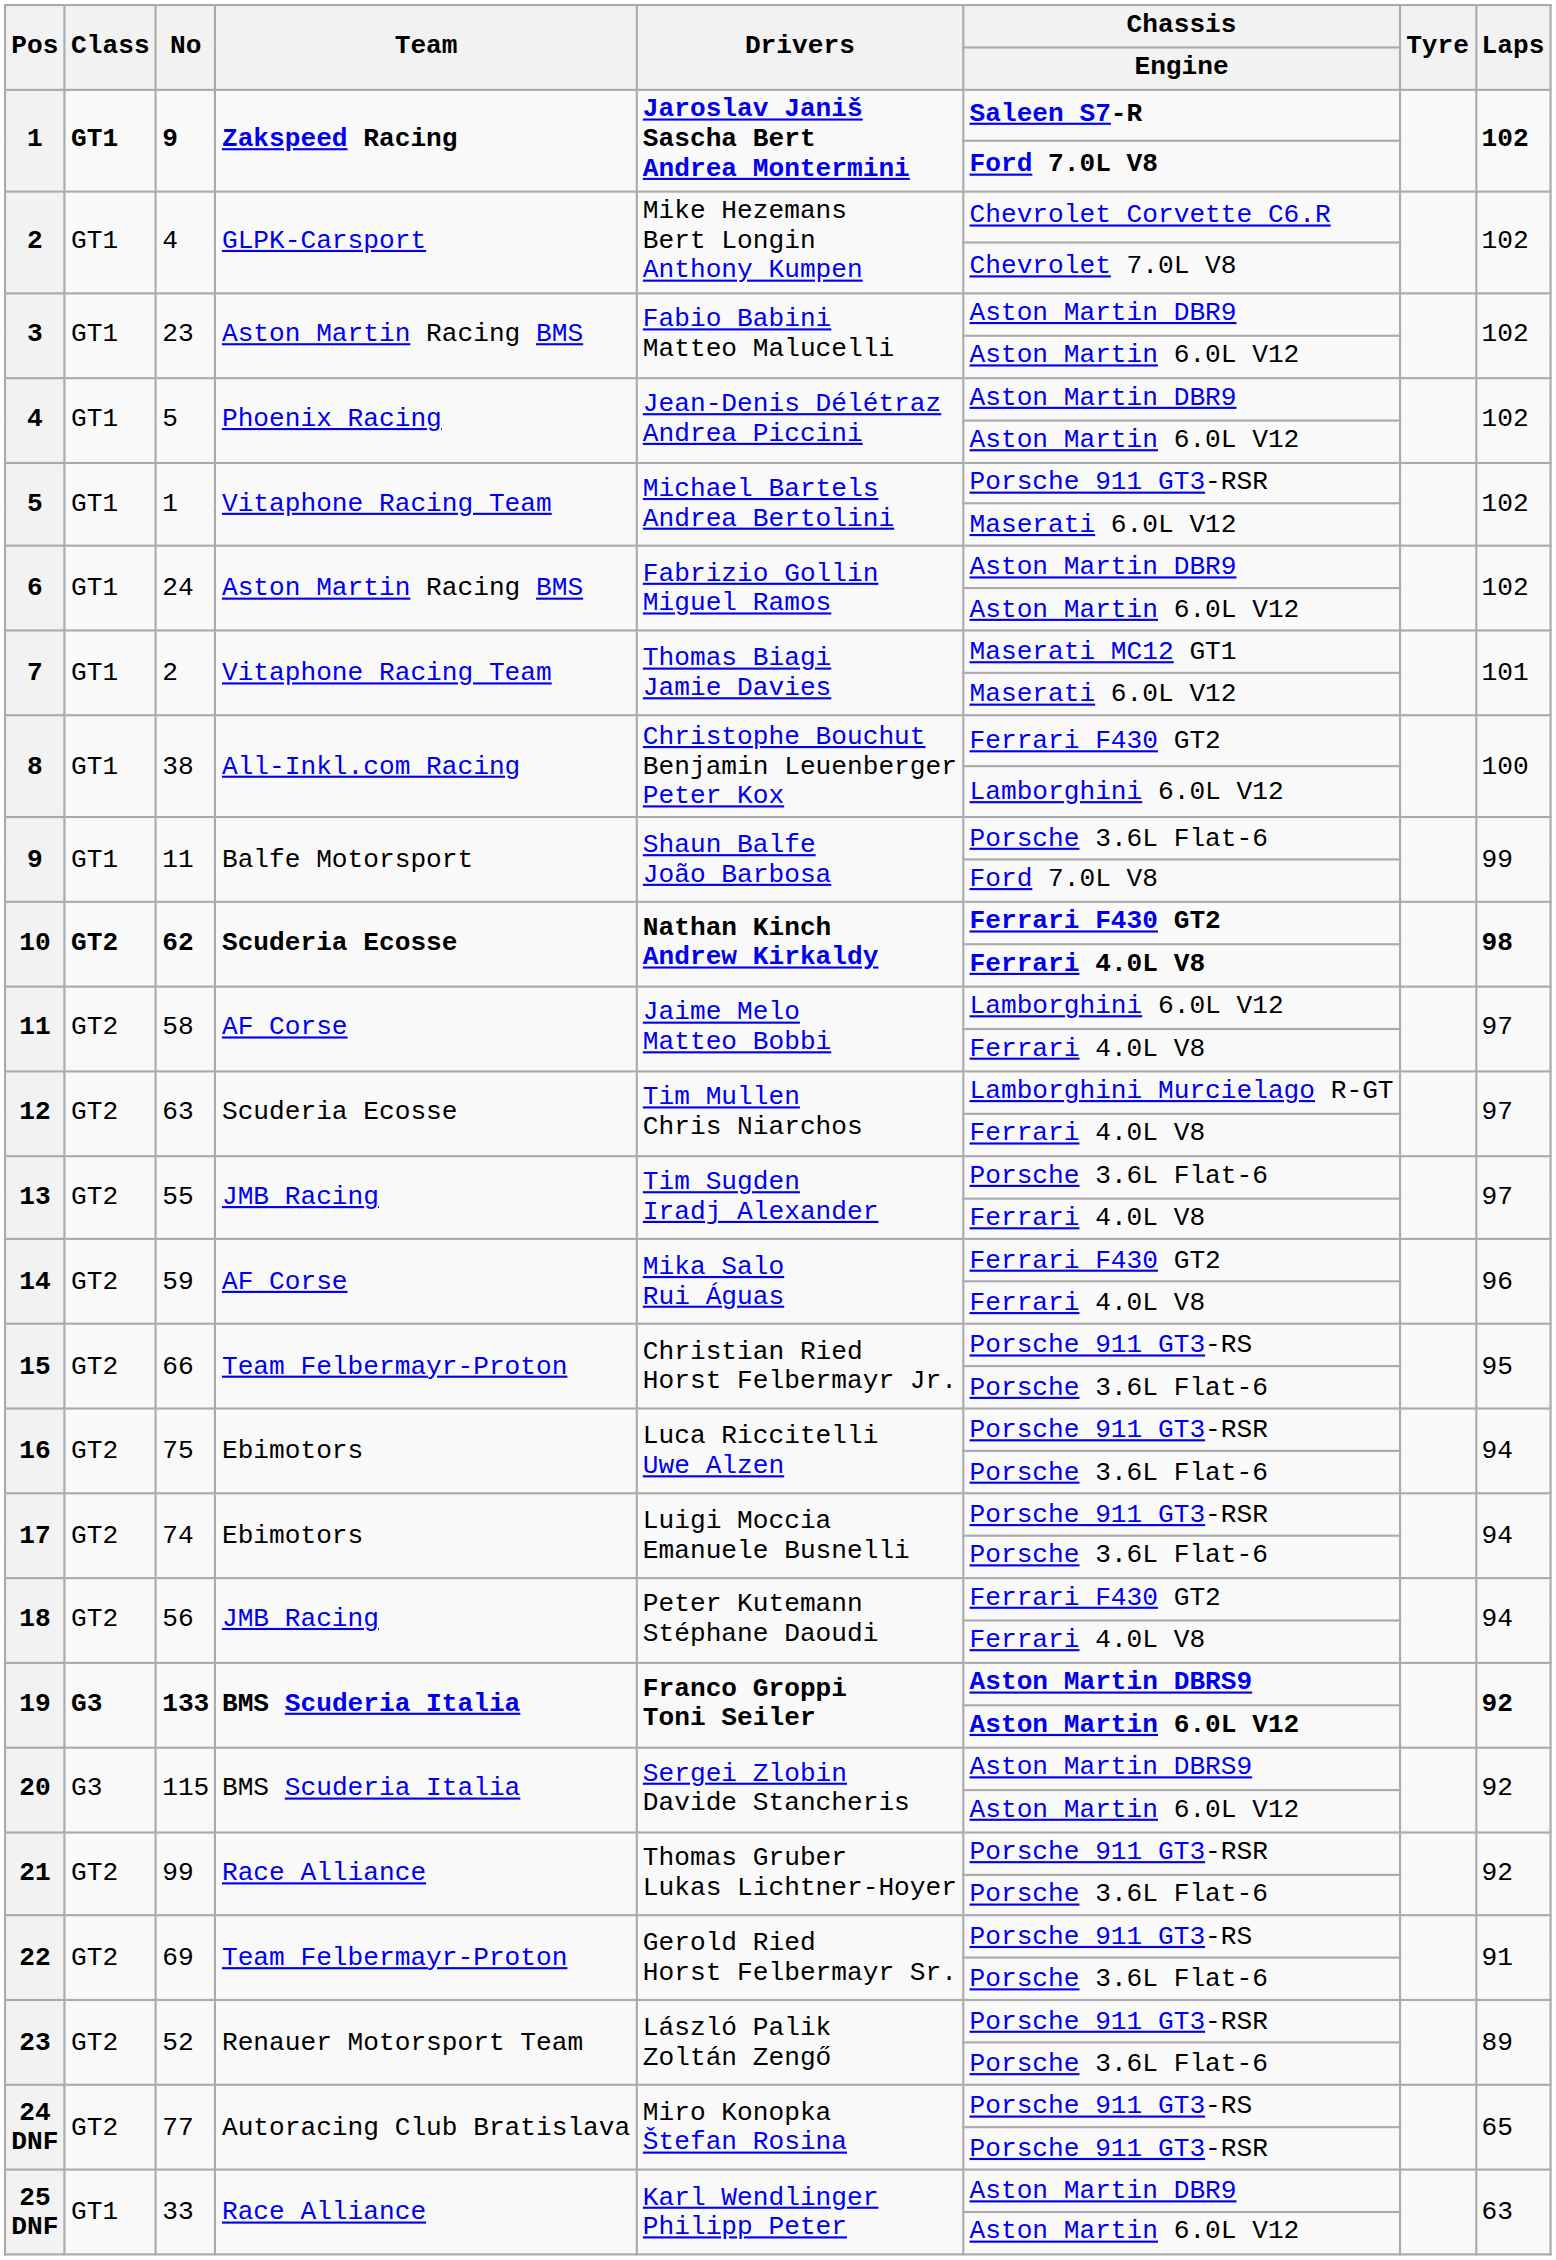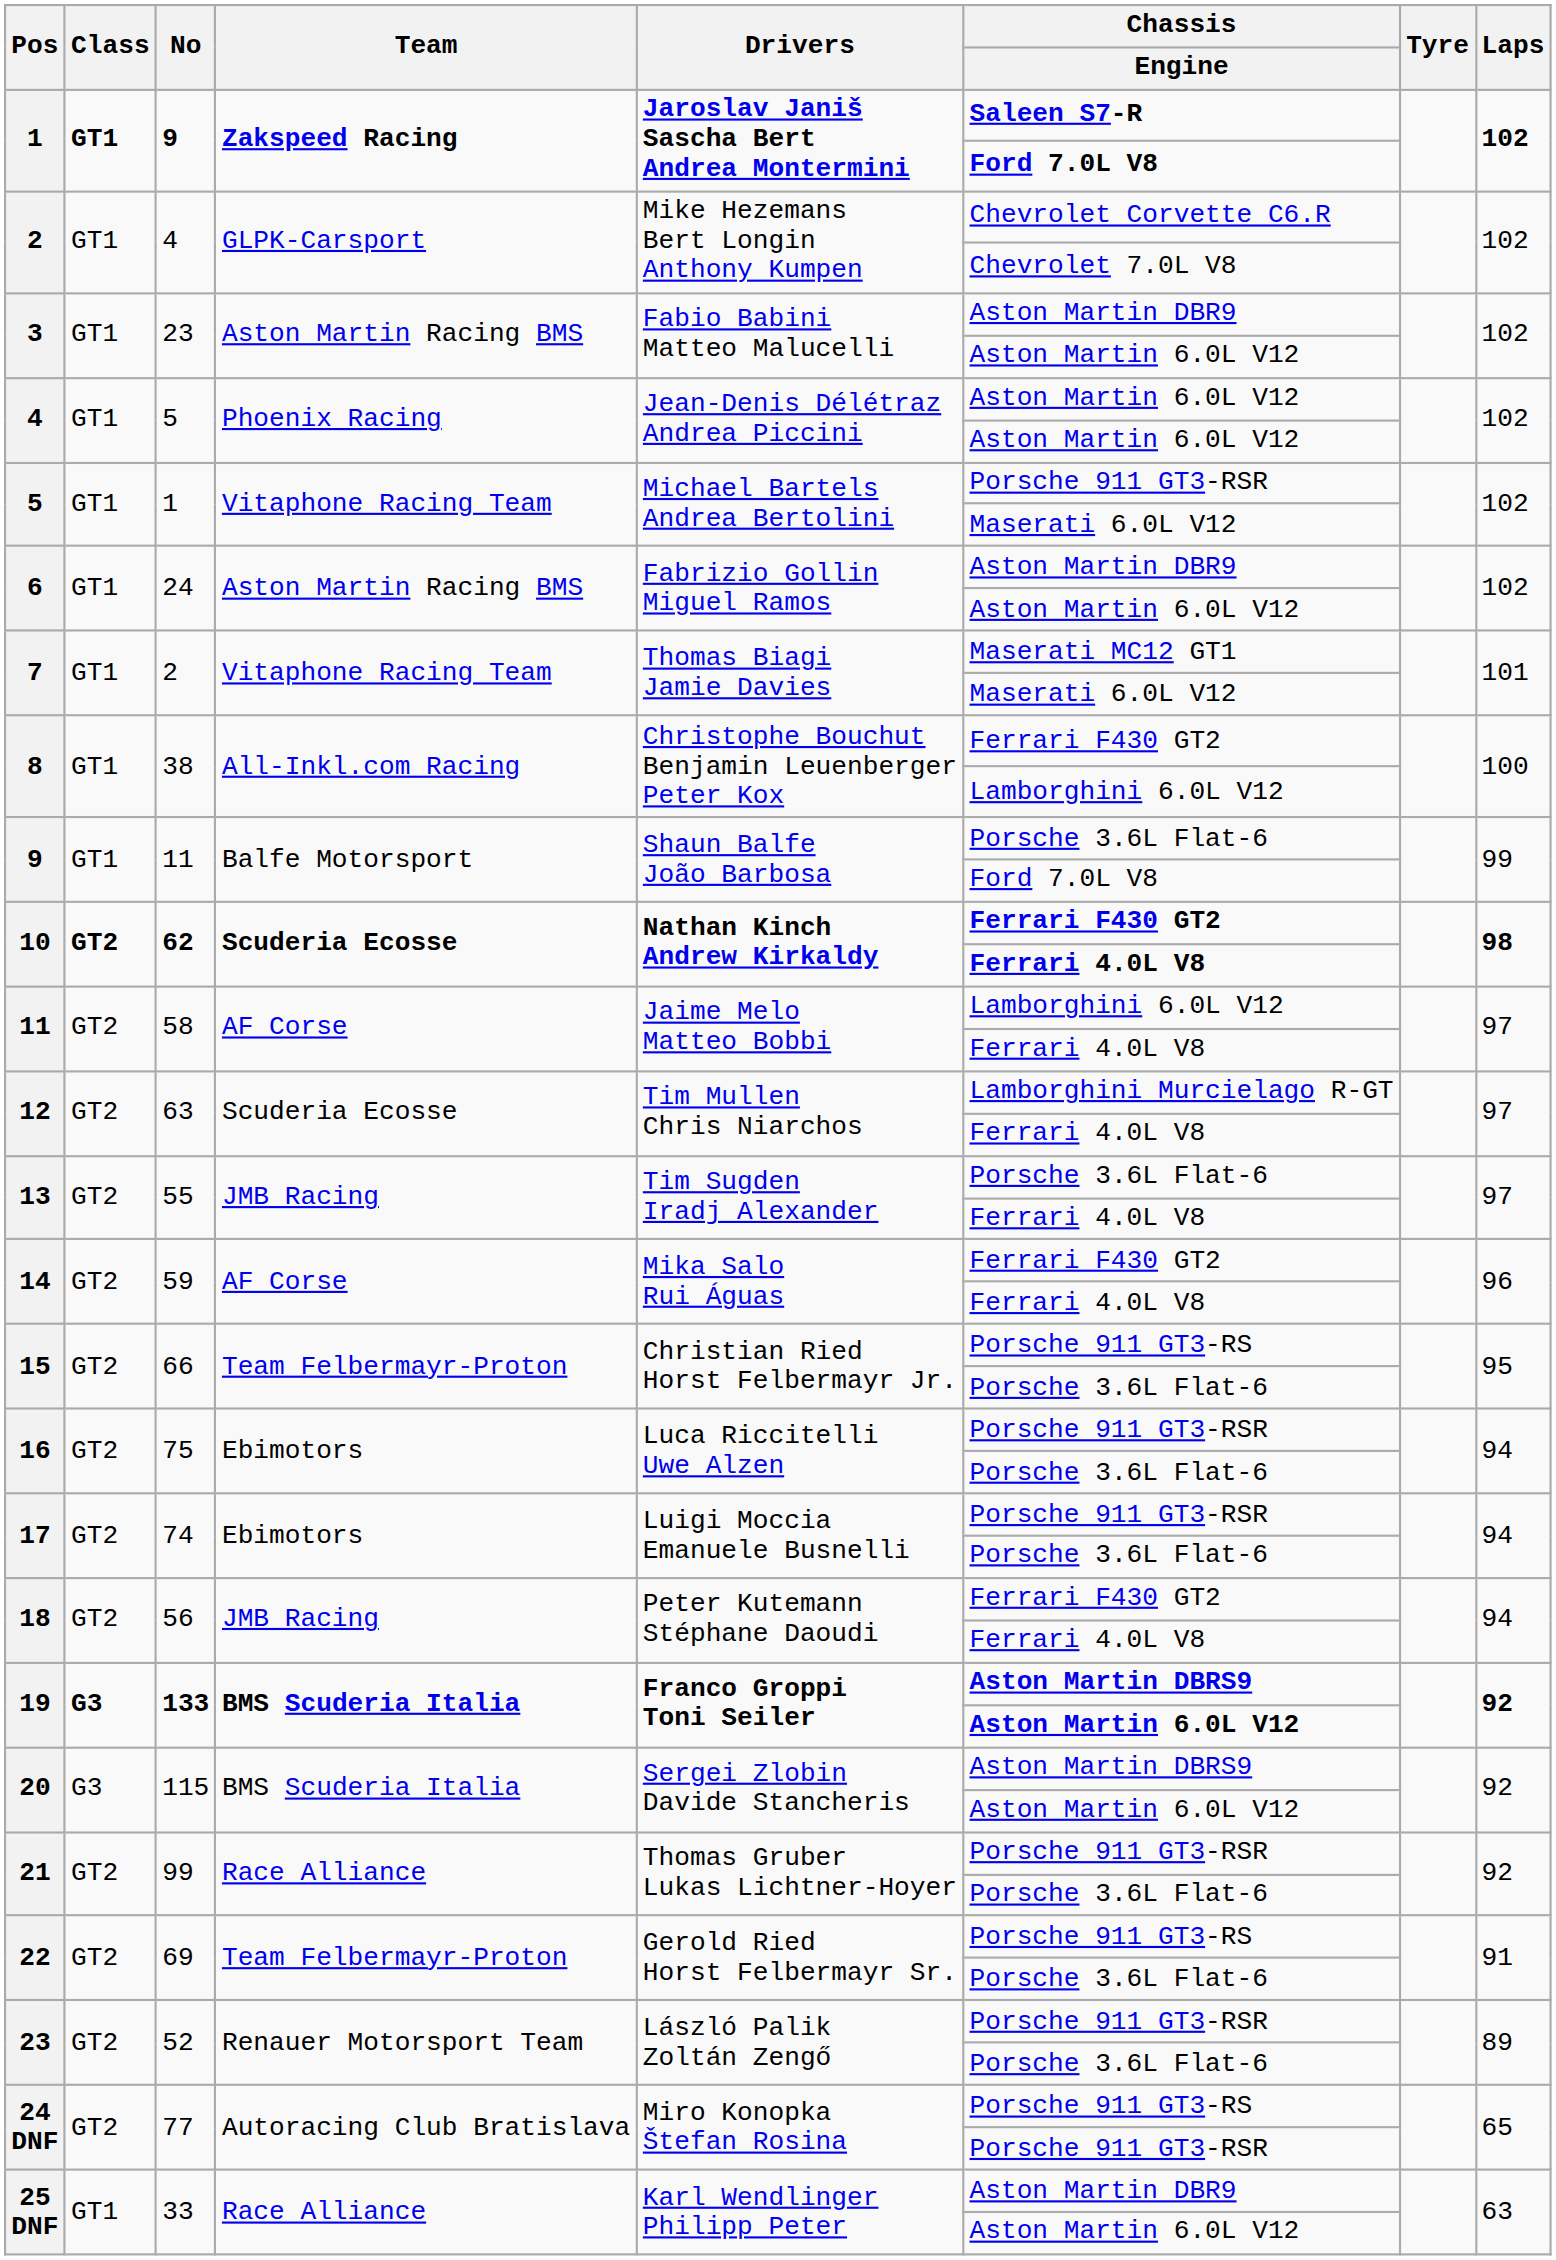 <table class="wikitable" style="font-size: 95%;">
 <tr>
 <th rowspan=2>Pos</th>
 <th rowspan=2>Class</th>
 <th rowspan=2>No</th>
 <th rowspan=2>Team</th>
 <th rowspan=2>Drivers</th>
 <th>Chassis</th>
 <th rowspan=2>Tyre</th>
 <th rowspan=2>Laps</th>
 </tr>
 <tr>
 <th>Engine</th>
 </tr>
 <tr style="font-weight:bold">
 <th rowspan=2>1</th>
 <td rowspan=2>GT1</td>
 <td rowspan=2>9</td>
 <td rowspan=2> <a href='#'>Zakspeed</a> Racing</td>
 <td rowspan=2> <a href='#'>Jaroslav Janiš</a><br> Sascha Bert<br> <a href='#'>Andrea Montermini</a></td>
 <td><a href='#'>Saleen S7</a>-R</td>
 <td rowspan=2></td>
 <td rowspan=2>102</td>
 </tr>
 <tr style="font-weight:bold">
 <td><a href='#'>Ford</a> 7.0L V8</td>
 </tr>
 <tr>
 <th rowspan=2>2</th>
 <td rowspan=2>GT1</td>
 <td rowspan=2>4</td>
 <td rowspan=2> <a href='#'>GLPK-Carsport</a></td>
 <td rowspan=2> Mike Hezemans<br> Bert Longin<br> <a href='#'>Anthony Kumpen</a></td>
 <td><a href='#'>Chevrolet Corvette C6.R</a></td>
 <td rowspan=2></td>
 <td rowspan=2>102</td>
 </tr>
 <tr>
 <td><a href='#'>Chevrolet</a> 7.0L V8</td>
 </tr>
 <tr>
 <th rowspan=2>3</th>
 <td rowspan=2>GT1</td>
 <td rowspan=2>23</td>
 <td rowspan=2> <a href='#'>Aston Martin</a> Racing <a href='#'>BMS</a></td>
 <td rowspan=2> <a href='#'>Fabio Babini</a><br> Matteo Malucelli</td>
 <td><a href='#'>Aston Martin DBR9</a></td>
 <td rowspan=2></td>
 <td rowspan=2>102</td>
 </tr>
 <tr>
 <td><a href='#'>Aston Martin</a> 6.0L V12</td>
 </tr>
 <tr>
 <th rowspan=2>4</th>
 <td rowspan=2>GT1</td>
 <td rowspan=2>5</td>
 <td rowspan=2> <a href='#'>Phoenix Racing</a></td>
 <td rowspan=2> <a href='#'>Jean-Denis Délétraz</a><br> <a href='#'>Andrea Piccini</a></td>
-<td><a href='#'>Aston Martin DBR9</a></td>
+<td><a href='#'>Aston Martin</a> 6.0L V12</td>
 <td rowspan=2></td>
 <td rowspan=2>102</td>
 </tr>
 <tr>
 <td><a href='#'>Aston Martin</a> 6.0L V12</td>
 </tr>
 <tr>
 <th rowspan=2>5</th>
 <td rowspan=2>GT1</td>
 <td rowspan=2>1</td>
 <td rowspan=2> <a href='#'>Vitaphone Racing Team</a></td>
 <td rowspan=2> <a href='#'>Michael Bartels</a><br> <a href='#'>Andrea Bertolini</a></td>
 <td><a href='#'>Porsche 911 GT3</a>-RSR</td>
 <td rowspan=2></td>
 <td rowspan=2>102</td>
 </tr>
 <tr>
 <td><a href='#'>Maserati</a> 6.0L V12</td>
 </tr>
 <tr>
 <th rowspan=2>6</th>
 <td rowspan=2>GT1</td>
 <td rowspan=2>24</td>
 <td rowspan=2> <a href='#'>Aston Martin</a> Racing <a href='#'>BMS</a></td>
 <td rowspan=2> <a href='#'>Fabrizio Gollin</a><br> <a href='#'>Miguel Ramos</a></td>
 <td><a href='#'>Aston Martin DBR9</a></td>
 <td rowspan=2></td>
 <td rowspan=2>102</td>
 </tr>
 <tr>
 <td><a href='#'>Aston Martin</a> 6.0L V12</td>
 </tr>
 <tr>
 <th rowspan=2>7</th>
 <td rowspan=2>GT1</td>
 <td rowspan=2>2</td>
 <td rowspan=2> <a href='#'>Vitaphone Racing Team</a></td>
 <td rowspan=2> <a href='#'>Thomas Biagi</a><br> <a href='#'>Jamie Davies</a></td>
 <td><a href='#'>Maserati MC12</a> GT1</td>
 <td rowspan=2></td>
 <td rowspan=2>101</td>
 </tr>
 <tr>
 <td><a href='#'>Maserati</a> 6.0L V12</td>
 </tr>
 <tr>
 <th rowspan=2>8</th>
 <td rowspan=2>GT1</td>
 <td rowspan=2>38</td>
 <td rowspan=2> <a href='#'>All-Inkl.com Racing</a></td>
 <td rowspan=2> <a href='#'>Christophe Bouchut</a><br> Benjamin Leuenberger<br> <a href='#'>Peter Kox</a></td>
 <td><a href='#'>Ferrari F430</a> GT2</td>
 <td rowspan=2></td>
 <td rowspan=2>100</td>
 </tr>
 <tr>
 <td><a href='#'>Lamborghini</a> 6.0L V12</td>
 </tr>
 <tr>
 <th rowspan=2>9</th>
 <td rowspan=2>GT1</td>
 <td rowspan=2>11</td>
 <td rowspan=2> Balfe Motorsport</td>
 <td rowspan=2> <a href='#'>Shaun Balfe</a><br> <a href='#'>João Barbosa</a></td>
 <td><a href='#'>Porsche</a> 3.6L Flat-6</td>
 <td rowspan=2></td>
 <td rowspan=2>99</td>
 </tr>
 <tr>
 <td><a href='#'>Ford</a> 7.0L V8</td>
 </tr>
 <tr style="font-weight:bold">
 <th rowspan=2>10</th>
 <td rowspan=2>GT2</td>
 <td rowspan=2>62</td>
 <td rowspan=2> Scuderia Ecosse</td>
 <td rowspan=2> Nathan Kinch<br> <a href='#'>Andrew Kirkaldy</a></td>
 <td><a href='#'>Ferrari F430</a> GT2</td>
 <td rowspan=2></td>
 <td rowspan=2>98</td>
 </tr>
 <tr style="font-weight:bold">
 <td><a href='#'>Ferrari</a> 4.0L V8</td>
 </tr>
 <tr>
 <th rowspan=2>11</th>
 <td rowspan=2>GT2</td>
 <td rowspan=2>58</td>
 <td rowspan=2> <a href='#'>AF Corse</a></td>
 <td rowspan=2> <a href='#'>Jaime Melo</a><br> <a href='#'>Matteo Bobbi</a></td>
 <td><a href='#'>Lamborghini</a> 6.0L V12</td>
 <td rowspan=2></td>
 <td rowspan=2>97</td>
 </tr>
 <tr>
 <td><a href='#'>Ferrari</a> 4.0L V8</td>
 </tr>
 <tr>
 <th rowspan=2>12</th>
 <td rowspan=2>GT2</td>
 <td rowspan=2>63</td>
 <td rowspan=2> Scuderia Ecosse</td>
 <td rowspan=2> <a href='#'>Tim Mullen</a><br> Chris Niarchos</td>
 <td><a href='#'>Lamborghini Murcielago</a> R-GT</td>
 <td rowspan=2></td>
 <td rowspan=2>97</td>
 </tr>
 <tr>
 <td><a href='#'>Ferrari</a> 4.0L V8</td>
 </tr>
 <tr>
 <th rowspan=2>13</th>
 <td rowspan=2>GT2</td>
 <td rowspan=2>55</td>
 <td rowspan=2> <a href='#'>JMB Racing</a></td>
 <td rowspan=2> <a href='#'>Tim Sugden</a><br> <a href='#'>Iradj Alexander</a></td>
 <td><a href='#'>Porsche</a> 3.6L Flat-6</td>
 <td rowspan=2></td>
 <td rowspan=2>97</td>
 </tr>
 <tr>
 <td><a href='#'>Ferrari</a> 4.0L V8</td>
 </tr>
 <tr>
 <th rowspan=2>14</th>
 <td rowspan=2>GT2</td>
 <td rowspan=2>59</td>
 <td rowspan=2> <a href='#'>AF Corse</a></td>
 <td rowspan=2> <a href='#'>Mika Salo</a><br> <a href='#'>Rui Águas</a></td>
 <td><a href='#'>Ferrari F430</a> GT2</td>
 <td rowspan=2></td>
 <td rowspan=2>96</td>
 </tr>
 <tr>
 <td><a href='#'>Ferrari</a> 4.0L V8</td>
 </tr>
 <tr>
 <th rowspan=2>15</th>
 <td rowspan=2>GT2</td>
 <td rowspan=2>66</td>
 <td rowspan=2> <a href='#'>Team Felbermayr-Proton</a></td>
 <td rowspan=2> Christian Ried<br> Horst Felbermayr Jr.</td>
 <td><a href='#'>Porsche 911 GT3</a>-RS</td>
 <td rowspan=2></td>
 <td rowspan=2>95</td>
 </tr>
 <tr>
 <td><a href='#'>Porsche</a> 3.6L Flat-6</td>
 </tr>
 <tr>
 <th rowspan=2>16</th>
 <td rowspan=2>GT2</td>
 <td rowspan=2>75</td>
 <td rowspan=2> Ebimotors</td>
 <td rowspan=2> Luca Riccitelli<br> <a href='#'>Uwe Alzen</a></td>
 <td><a href='#'>Porsche 911 GT3</a>-RSR</td>
 <td rowspan=2></td>
 <td rowspan=2>94</td>
 </tr>
 <tr>
 <td><a href='#'>Porsche</a> 3.6L Flat-6</td>
 </tr>
 <tr>
 <th rowspan=2>17</th>
 <td rowspan=2>GT2</td>
 <td rowspan=2>74</td>
 <td rowspan=2> Ebimotors</td>
 <td rowspan=2> Luigi Moccia<br> Emanuele Busnelli</td>
 <td><a href='#'>Porsche 911 GT3</a>-RSR</td>
 <td rowspan=2></td>
 <td rowspan=2>94</td>
 </tr>
 <tr>
 <td><a href='#'>Porsche</a> 3.6L Flat-6</td>
 </tr>
 <tr>
 <th rowspan=2>18</th>
 <td rowspan=2>GT2</td>
 <td rowspan=2>56</td>
 <td rowspan=2> <a href='#'>JMB Racing</a></td>
 <td rowspan=2> Peter Kutemann<br> Stéphane Daoudi</td>
 <td><a href='#'>Ferrari F430</a> GT2</td>
 <td rowspan=2></td>
 <td rowspan=2>94</td>
 </tr>
 <tr>
 <td><a href='#'>Ferrari</a> 4.0L V8</td>
 </tr>
 <tr style="font-weight:bold">
 <th rowspan=2>19</th>
 <td rowspan=2>G3</td>
 <td rowspan=2>133</td>
 <td rowspan=2> BMS <a href='#'>Scuderia Italia</a></td>
 <td rowspan=2> Franco Groppi<br> Toni Seiler</td>
 <td><a href='#'>Aston Martin DBRS9</a></td>
 <td rowspan=2></td>
 <td rowspan=2>92</td>
 </tr>
 <tr style="font-weight:bold">
 <td><a href='#'>Aston Martin</a> 6.0L V12</td>
 </tr>
 <tr>
 <th rowspan=2>20</th>
 <td rowspan=2>G3</td>
 <td rowspan=2>115</td>
 <td rowspan=2> BMS <a href='#'>Scuderia Italia</a></td>
 <td rowspan=2> <a href='#'>Sergei Zlobin</a><br> Davide Stancheris</td>
 <td><a href='#'>Aston Martin DBRS9</a></td>
 <td rowspan=2></td>
 <td rowspan=2>92</td>
 </tr>
 <tr>
 <td><a href='#'>Aston Martin</a> 6.0L V12</td>
 </tr>
 <tr>
 <th rowspan=2>21</th>
 <td rowspan=2>GT2</td>
 <td rowspan=2>99</td>
 <td rowspan=2> <a href='#'>Race Alliance</a></td>
 <td rowspan=2> Thomas Gruber<br> Lukas Lichtner-Hoyer</td>
 <td><a href='#'>Porsche 911 GT3</a>-RSR</td>
 <td rowspan=2></td>
 <td rowspan=2>92</td>
 </tr>
 <tr>
 <td><a href='#'>Porsche</a> 3.6L Flat-6</td>
 </tr>
 <tr>
 <th rowspan=2>22</th>
 <td rowspan=2>GT2</td>
 <td rowspan=2>69</td>
 <td rowspan=2> <a href='#'>Team Felbermayr-Proton</a></td>
 <td rowspan=2> Gerold Ried<br> Horst Felbermayr Sr.</td>
 <td><a href='#'>Porsche 911 GT3</a>-RS</td>
 <td rowspan=2></td>
 <td rowspan=2>91</td>
 </tr>
 <tr>
 <td><a href='#'>Porsche</a> 3.6L Flat-6</td>
 </tr>
 <tr>
 <th rowspan=2>23</th>
 <td rowspan=2>GT2</td>
 <td rowspan=2>52</td>
 <td rowspan=2> Renauer Motorsport Team</td>
 <td rowspan=2> László Palik<br> Zoltán Zengő</td>
 <td><a href='#'>Porsche 911 GT3</a>-RSR</td>
 <td rowspan=2></td>
 <td rowspan=2>89</td>
 </tr>
 <tr>
 <td><a href='#'>Porsche</a> 3.6L Flat-6</td>
 </tr>
 <tr>
 <th rowspan=2>24<br>DNF</th>
 <td rowspan=2>GT2</td>
 <td rowspan=2>77</td>
 <td rowspan=2> Autoracing Club Bratislava</td>
 <td rowspan=2> Miro Konopka<br> <a href='#'>Štefan Rosina</a></td>
 <td><a href='#'>Porsche 911 GT3</a>-RS</td>
 <td rowspan=2></td>
 <td rowspan=2>65</td>
 </tr>
 <tr>
 <td><a href='#'>Porsche 911 GT3</a>-RSR</td>
 </tr>
 <tr>
 <th rowspan=2>25<br>DNF</th>
 <td rowspan=2>GT1</td>
 <td rowspan=2>33</td>
 <td rowspan=2> <a href='#'>Race Alliance</a></td>
 <td rowspan=2> <a href='#'>Karl Wendlinger</a><br> <a href='#'>Philipp Peter</a></td>
 <td><a href='#'>Aston Martin DBR9</a></td>
 <td rowspan=2></td>
 <td rowspan=2>63</td>
 </tr>
 <tr>
 <td><a href='#'>Aston Martin</a> 6.0L V12</td>
 </tr>
 </table>
